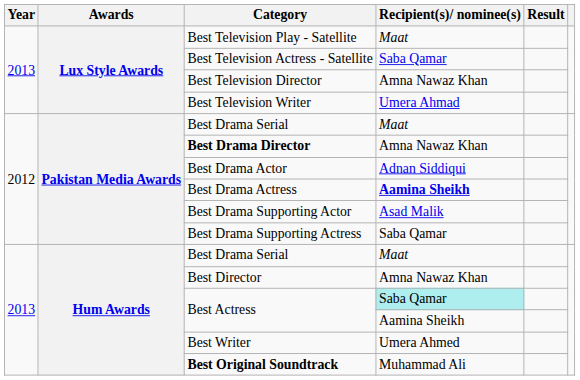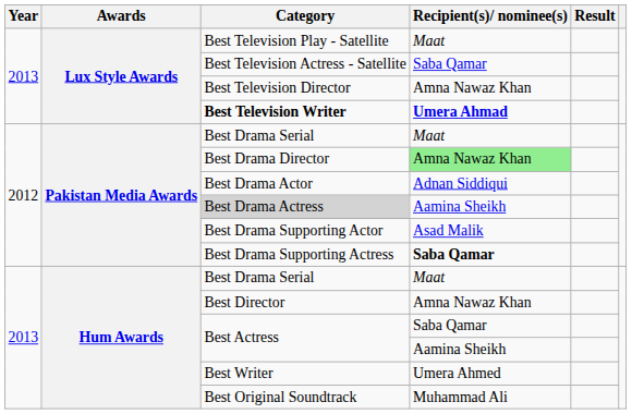 <table class="wikitable plainrowheaders">
 <tr>
 <th>Year</th>
 <th>Awards</th>
 <th>Category</th>
 <th>Recipient(s)/ nominee(s)</th>
 <th>Result</th>
 <th></th>
 </tr>
 <tr>
 <td rowspan="4"><a href='#'>2013</a></td>
 <th scope="row" rowspan="4"><a href='#'>Lux Style Awards</a></th>
 <td>Best Television Play - Satellite</td>
 <td><em>Maat</em></td>
 <td></td>
 <td rowspan="4"></td>
 </tr>
 <tr>
 <td>Best Television Actress - Satellite</td>
 <td><a href='#'>Saba Qamar</a></td>
 <td></td>
 </tr>
 <tr>
 <td>Best Television Director</td>
 <td>Amna Nawaz Khan</td>
 <td></td>
 </tr>
 <tr>
-<td>Best Television Writer</td>
-<td><a href='#'>Umera Ahmad</a></td>
+<td><strong>Best Television Writer</strong></td>
+<td><strong><a href='#'>Umera Ahmad</a></strong></td>
 <td></td>
 </tr>
 <tr>
 <td rowspan="6">2012</td>
 <th scope="row" rowspan="6"><a href='#'>Pakistan Media Awards</a></th>
 <td>Best Drama Serial</td>
 <td><em>Maat</em></td>
 <td></td>
 <td rowspan="6"></td>
 </tr>
 <tr>
-<td><strong>Best Drama Director</strong></td>
-<td>Amna Nawaz Khan</td>
+<td>Best Drama Director</td>
+<td style="background: lightgreen;">Amna Nawaz Khan</td>
 <td></td>
 </tr>
 <tr>
 <td>Best Drama Actor</td>
 <td><a href='#'>Adnan Siddiqui</a></td>
 <td></td>
 </tr>
 <tr>
-<td>Best Drama Actress</td>
-<td><strong><a href='#'>Aamina Sheikh</a></strong></td>
+<td style="background: lightgrey;">Best Drama Actress</td>
+<td><a href='#'>Aamina Sheikh</a></td>
 <td></td>
 </tr>
 <tr>
 <td>Best Drama Supporting Actor</td>
 <td><a href='#'>Asad Malik</a></td>
 <td></td>
 </tr>
 <tr>
 <td>Best Drama Supporting Actress</td>
-<td>Saba Qamar</td>
+<td><strong>Saba Qamar</strong></td>
 <td></td>
 </tr>
 <tr>
 <td rowspan="6"><a href='#'>2013</a></td>
 <th scope="row" rowspan="6"><a href='#'>Hum Awards</a></th>
 <td>Best Drama Serial</td>
 <td><em>Maat</em></td>
 <td></td>
 <td rowspan="6"></td>
 </tr>
 <tr>
 <td>Best Director</td>
 <td>Amna Nawaz Khan</td>
 <td></td>
 </tr>
 <tr>
 <td Rowspan="2">Best Actress</td>
-<td style="background: paleturquoise;">Saba Qamar</td>
+<td>Saba Qamar</td>
 <td></td>
 </tr>
 <tr>
 <td>Aamina Sheikh</td>
 <td></td>
 </tr>
 <tr>
 <td>Best Writer</td>
 <td>Umera Ahmed</td>
 <td></td>
 </tr>
 <tr>
-<td><strong>Best Original Soundtrack</strong></td>
+<td>Best Original Soundtrack</td>
 <td>Muhammad Ali</td>
 <td></td>
 </tr>
 </table>
